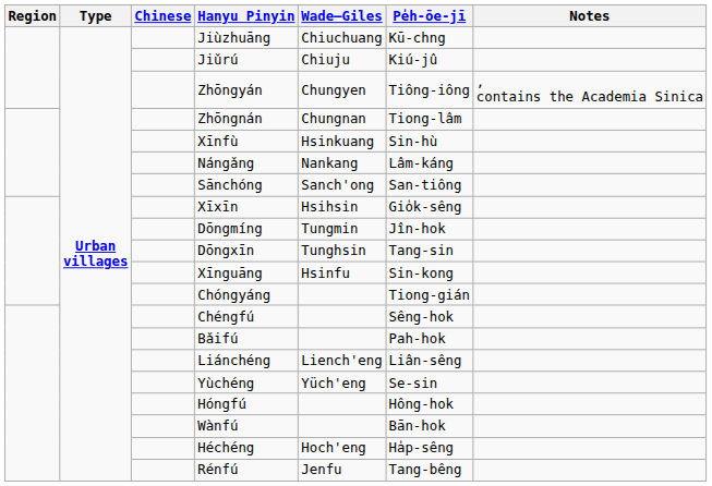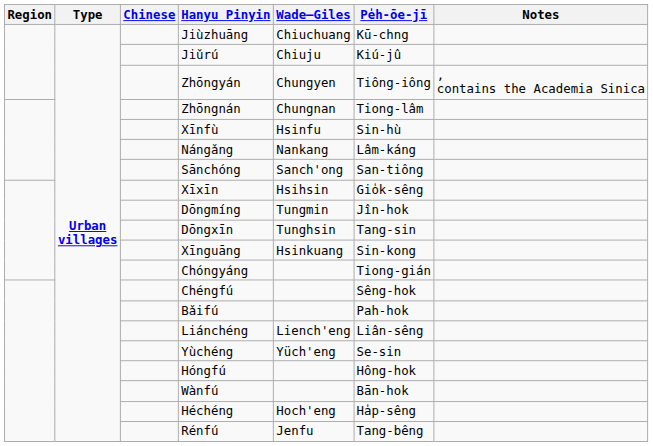 <table class=wikitable>
 <tr align=center>
 <th>Region</th>
 <th>Type</th>
 <th><a href='#'>Chinese</a></th>
 <th><a href='#'>Hanyu Pinyin</a></th>
 <th><a href='#'>Wade–Giles</a></th>
 <th><a href='#'>Pe̍h-ōe-jī</a></th>
 <th>Notes</th>
 </tr>
 <tr>
 <td rowspan=3 align=center><strong></strong></td>
 <td rowspan=20 align=center><strong><a href='#'>Urban<br>villages</a></strong></td>
 <td></td>
 <td>Jiùzhuāng</td>
 <td>Chiuchuang</td>
 <td>Kū-chng</td>
 <td></td>
 </tr>
 <tr>
 <td></td>
 <td>Jiǔrú</td>
 <td>Chiuju</td>
 <td>Kiú-jû</td>
 <td></td>
 </tr>
 <tr>
 <td></td>
 <td>Zhōngyán</td>
 <td>Chungyen</td>
 <td>Tiông-iông</td>
 <td>,<br> contains the Academia Sinica</td>
 </tr>
 <tr>
 <td rowspan=4 align=center><strong></strong></td>
 <td></td>
 <td>Zhōngnán</td>
 <td>Chungnan</td>
 <td>Tiong-lâm</td>
 <td></td>
 </tr>
 <tr>
 <td></td>
 <td>Xīnfù</td>
-<td>Hsinkuang</td>
+<td>Hsinfu</td>
 <td>Sin-hù</td>
 <td></td>
 </tr>
 <tr>
 <td></td>
 <td>Nángǎng</td>
 <td>Nankang</td>
 <td>Lâm-káng</td>
 <td></td>
 </tr>
 <tr>
 <td></td>
 <td>Sānchóng</td>
 <td>Sanch'ong</td>
 <td>San-tiông</td>
 <td></td>
 </tr>
 <tr>
 <td rowspan=5 align=center><strong></strong></td>
 <td></td>
 <td>Xīxīn</td>
 <td>Hsihsin</td>
 <td>Gio̍k-sêng</td>
 <td></td>
 </tr>
 <tr>
 <td></td>
 <td>Dōngmíng</td>
 <td>Tungmin</td>
 <td>Jîn-hok</td>
 <td></td>
 </tr>
 <tr>
 <td></td>
 <td>Dōngxīn</td>
 <td>Tunghsin</td>
 <td>Tang-sin</td>
 <td></td>
 </tr>
 <tr>
 <td></td>
 <td>Xīnguāng</td>
-<td>Hsinfu</td>
+<td>Hsinkuang</td>
 <td>Sin-kong</td>
 <td></td>
 </tr>
 <tr>
 <td></td>
 <td>Chóngyáng</td>
 <td></td>
 <td>Tiong-gián</td>
 <td></td>
 </tr>
 <tr>
 <td rowspan=8 align=center><strong></strong></td>
 <td></td>
 <td>Chéngfú</td>
 <td></td>
 <td>Sêng-hok</td>
 <td></td>
 </tr>
 <tr>
 <td></td>
 <td>Bǎifú</td>
 <td></td>
 <td>Pah-hok</td>
 <td></td>
 </tr>
 <tr>
 <td></td>
 <td>Liánchéng</td>
 <td>Liench'eng</td>
 <td>Liân-sêng</td>
 <td></td>
 </tr>
 <tr>
 <td></td>
 <td>Yùchéng</td>
 <td>Yüch'eng</td>
 <td>Se-sin</td>
 <td></td>
 </tr>
 <tr>
 <td></td>
 <td>Hóngfú</td>
 <td></td>
 <td>Hông-hok</td>
 <td></td>
 </tr>
 <tr>
 <td></td>
 <td>Wànfú</td>
 <td></td>
 <td>Bān-hok</td>
 <td></td>
 </tr>
 <tr>
 <td></td>
 <td>Héchéng</td>
 <td>Hoch'eng</td>
 <td>Ha̍p-sêng</td>
 <td></td>
 </tr>
 <tr>
 <td></td>
 <td>Rénfú</td>
 <td>Jenfu</td>
 <td>Tang-bêng</td>
 <td></td>
 </tr>
 </table>
